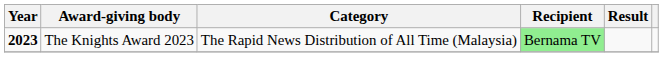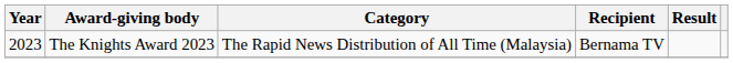 <table class="wikitable" style="text-align:center">
 <tr>
 <th>Year</th>
 <th>Award-giving body</th>
 <th>Category</th>
 <th>Recipient</th>
 <th>Result</th>
 <th></th>
 </tr>
 <tr>
-<td><strong>2023</strong></td>
+<td>2023</td>
 <td>The Knights Award 2023</td>
 <td>The Rapid News Distribution of All Time (Malaysia)</td>
-<td style="background: lightgreen;">Bernama TV</td>
+<td>Bernama TV</td>
 <td></td>
 <td></td>
 </tr>
 <tr>
 </tr>
 </table>
